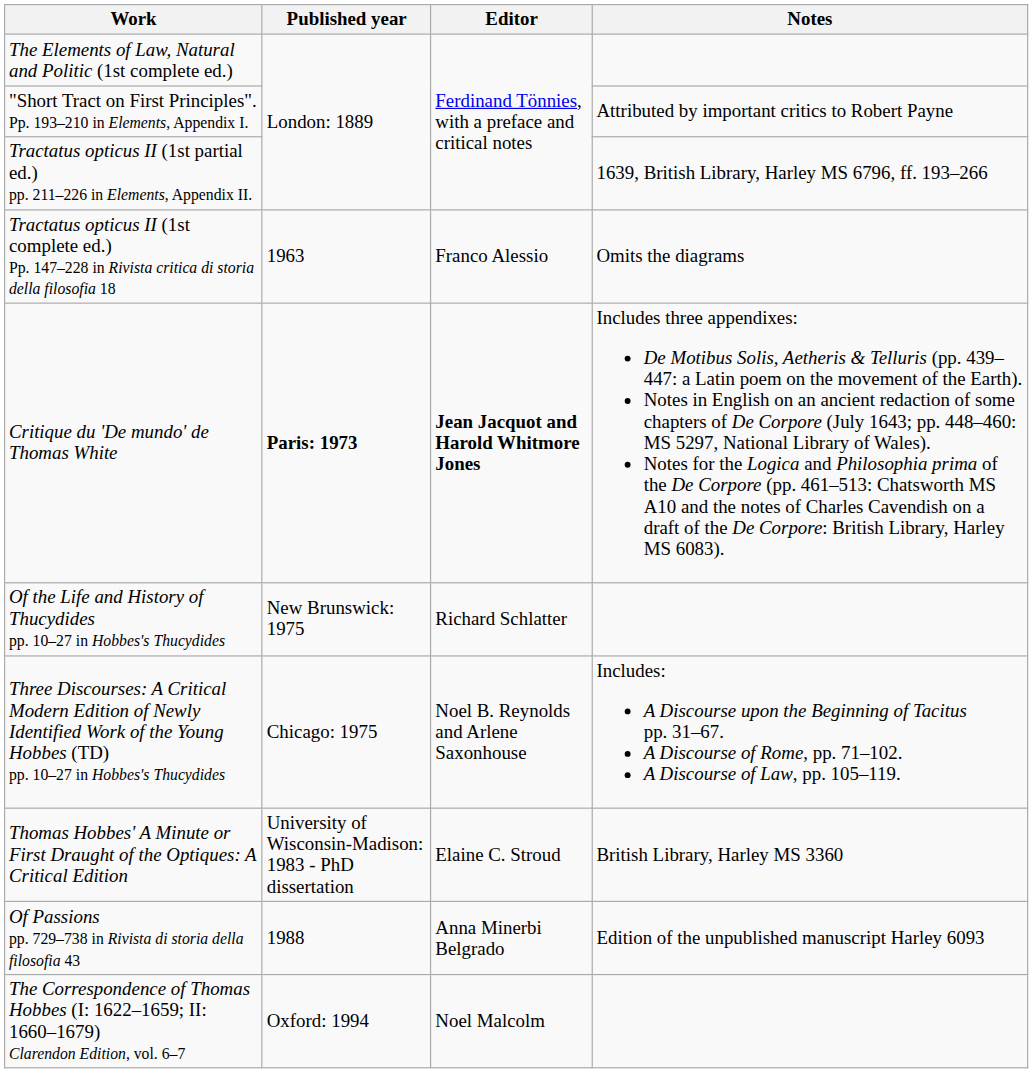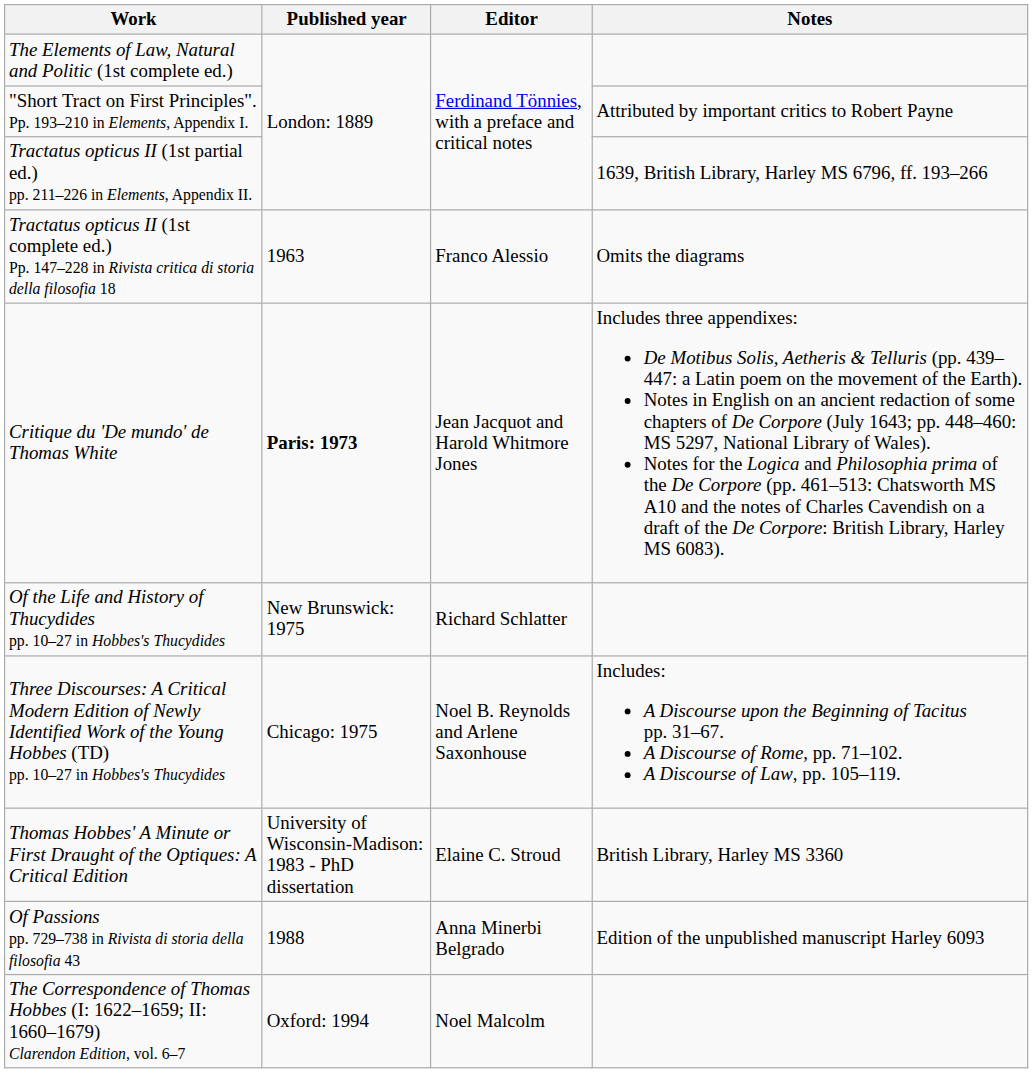 <table class="wikitable">
 <tr>
 <th>Work</th>
 <th>Published year</th>
 <th>Editor</th>
 <th>Notes</th>
 </tr>
 <tr>
 <td><em>The Elements of Law, Natural and Politic</em> (1st complete ed.)</td>
 <td rowspan="3">London: 1889</td>
 <td rowspan="3"><a href='#'>Ferdinand Tönnies</a>, with a preface and critical notes</td>
 <td></td>
 </tr>
 <tr>
 <td>"Short Tract on First Principles".<br><small>Pp. 193–210 in <em>Elements</em>, Appendix I.</small></td>
 <td>Attributed by important critics to Robert Payne</td>
 </tr>
 <tr>
 <td><em>Tractatus opticus II</em>  (1st partial ed.)<br><small>pp. 211–226 in <em>Elements</em>, Appendix II.</small></td>
 <td>1639, British Library, Harley MS 6796, ff. 193–266</td>
 </tr>
 <tr>
 <td><em>Tractatus opticus II</em> (1st complete ed.)<br><small>Pp. 147–228 in <em>Rivista critica di storia della filosofia</em> 18</small></td>
 <td>1963</td>
 <td>Franco Alessio</td>
 <td>Omits the diagrams</td>
 </tr>
 <tr>
 <td><em>Critique du 'De mundo' de Thomas White</em></td>
 <td><strong>Paris: 1973</strong></td>
-<td><strong>Jean Jacquot and Harold Whitmore Jones</strong></td>
+<td>Jean Jacquot and Harold Whitmore Jones</td>
 <td>Includes three appendixes:<br><ul><li><em>De Motibus Solis, Aetheris & Telluris</em> (pp. 439–447: a Latin poem on the movement of the Earth).</li><li>Notes in English on an ancient redaction of some chapters of <em>De Corpore</em> (July 1643; pp. 448–460: MS 5297, National Library of Wales).</li><li>Notes for the <em>Logica</em> and <em>Philosophia prima</em> of the <em>De Corpore</em> (pp. 461–513: Chatsworth MS A10 and the notes of Charles Cavendish on a draft of the <em>De Corpore</em>: British Library, Harley MS 6083).</li></ul></td>
 </tr>
 <tr>
 <td><em>Of the Life and History of Thucydides</em><br><small>pp. 10–27 in <em>Hobbes's Thucydides</em></small></td>
 <td>New Brunswick: 1975</td>
 <td>Richard Schlatter</td>
 <td></td>
 </tr>
 <tr>
 <td><em>Three Discourses: A Critical Modern Edition of Newly Identified Work of the Young Hobbes</em> (TD)<br><small>pp. 10–27 in <em>Hobbes's Thucydides</em></small></td>
 <td>Chicago: 1975</td>
 <td>Noel B. Reynolds and Arlene Saxonhouse</td>
 <td>Includes:<br><ul><li><em>A Discourse upon the Beginning of Tacitus</em> pp. 31–67.</li><li><em>A Discourse of Rome</em>, pp. 71–102.</li><li><em>A Discourse of Law</em>, pp. 105–119.</li></ul></td>
 </tr>
 <tr>
 <td><em>Thomas Hobbes' A Minute or First Draught of the Optiques: A Critical Edition</em></td>
 <td>University of Wisconsin-Madison: 1983 - PhD dissertation</td>
 <td>Elaine C. Stroud</td>
 <td>British Library, Harley MS 3360</td>
 </tr>
 <tr>
 <td><em>Of Passions</em><br><small>pp. 729–738 in <em>Rivista di storia della filosofia</em> 43</small></td>
 <td>1988</td>
 <td>Anna Minerbi Belgrado</td>
 <td>Edition of the unpublished manuscript Harley 6093</td>
 </tr>
 <tr>
 <td><em>The Correspondence of Thomas Hobbes</em> (I: 1622–1659; II: 1660–1679)<br><small><em>Clarendon Edition</em>, vol. 6–7</small></td>
 <td>Oxford: 1994</td>
 <td>Noel Malcolm</td>
 <td></td>
 </tr>
 </table>
